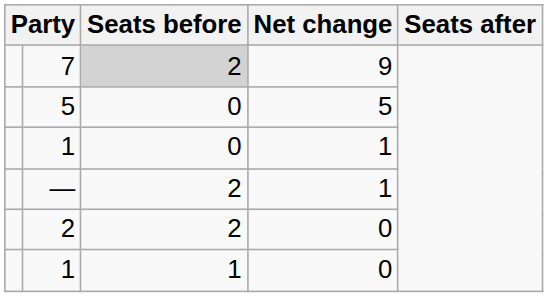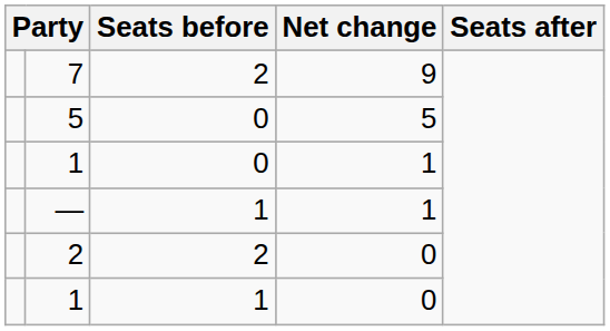 <table class=wikitable style="text-align:right">
 <tr>
 <th colspan="2">Party</th>
 <th>Seats before</th>
 <th>Net change</th>
 <th>Seats after</th>
 </tr>
 <tr>
 <td></td>
 <td>7</td>
-<td style="background: lightgrey;"> 2</td>
+<td> 2</td>
 <td>9</td>
 </tr>
 <tr>
 <td></td>
 <td>5</td>
 <td> 0</td>
 <td>5</td>
 </tr>
 <tr>
 <td></td>
 <td>1</td>
 <td> 0</td>
 <td>1</td>
 </tr>
 <tr>
 <td></td>
 <td>—</td>
-<td> 2</td>
+<td> 1</td>
 <td>1</td>
 </tr>
 <tr>
 <td></td>
 <td>2</td>
 <td> 2</td>
 <td>0</td>
 </tr>
 <tr>
 <td></td>
 <td>1</td>
 <td> 1</td>
 <td>0</td>
 </tr>
 </table>
